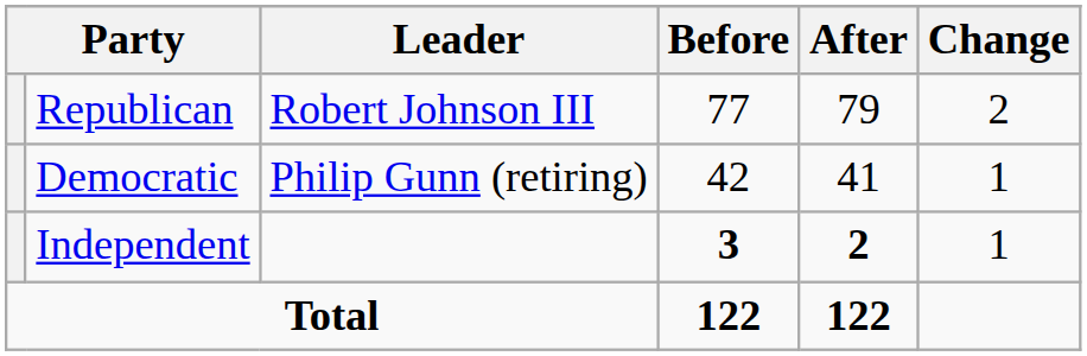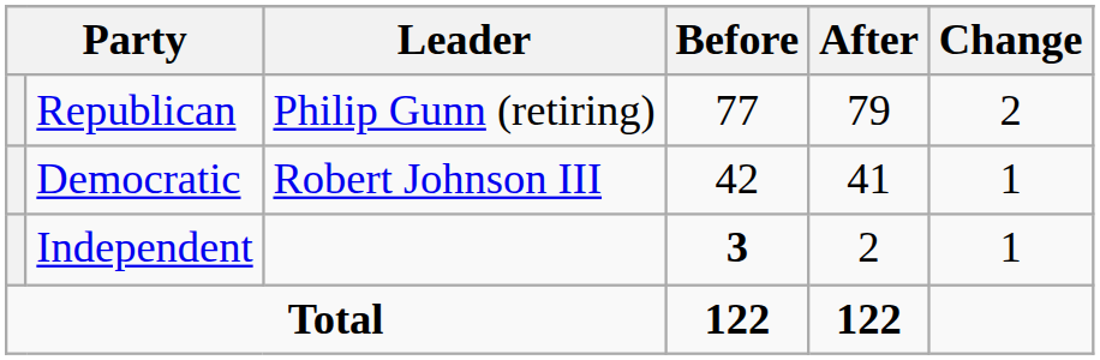 <table class="wikitable" style="text-align:center;">
 <tr>
 </tr>
 <tr>
 <th colspan=2>Party</th>
 <th>Leader</th>
 <th>Before</th>
 <th>After</th>
 <th>Change</th>
 </tr>
 <tr>
 <th style="background-color:"></th>
 <td style="text-align:left;"><a href='#'>Republican</a></td>
-<td style="text-align:left;"><a href='#'>Robert Johnson III</a></td>
+<td style="text-align:left;"><a href='#'>Philip Gunn</a> (retiring)</td>
 <td>77</td>
 <td>79</td>
 <td> 2</td>
 </tr>
 <tr>
 <th style="background-color:"></th>
 <td style="text-align:left;"><a href='#'>Democratic</a></td>
-<td style="text-align:left;"><a href='#'>Philip Gunn</a> (retiring)</td>
+<td style="text-align:left;"><a href='#'>Robert Johnson III</a></td>
 <td>42</td>
 <td>41</td>
 <td> 1</td>
 </tr>
 <tr>
 <th style="background-color:"></th>
 <td style="text-align:left;"><a href='#'>Independent</a></td>
 <td style="text-align:left;"></td>
 <td><strong>3</strong></td>
-<td><strong>2</strong></td>
+<td>2</td>
 <td> 1</td>
 </tr>
 <tr>
 <td colspan=3><strong>Total</strong></td>
 <td><strong>122</strong></td>
 <td><strong>122</strong></td>
 </tr>
 </table>
